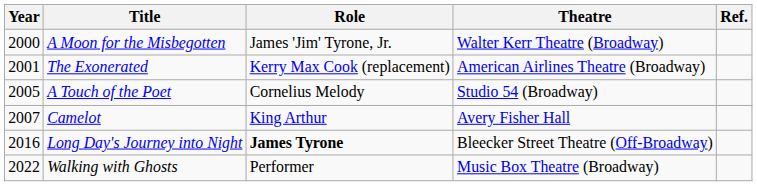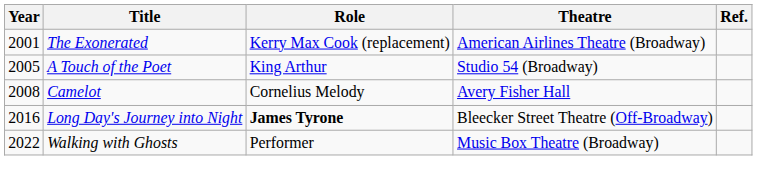 <table class="wikitable">
 <tr>
 <th scope="col">Year</th>
 <th scope="col">Title</th>
 <th scope="col">Role</th>
 <th scope="col">Theatre</th>
 <th scope="col">Ref.</th>
-</tr>
-<tr>
-<td>2000</td>
-<td><em><a href='#'>A Moon for the Misbegotten</a></em></td>
-<td>James 'Jim' Tyrone, Jr.</td>
-<td><a href='#'>Walter Kerr Theatre</a> (<a href='#'>Broadway</a>)</td>
-<td></td>
 </tr>
 <tr>
 <td>2001</td>
 <td><em><a href='#'>The Exonerated</a></em></td>
 <td><a href='#'>Kerry Max Cook</a> (replacement)</td>
 <td><a href='#'>American Airlines Theatre</a> (Broadway)</td>
 <td></td>
 </tr>
 <tr>
 <td>2005</td>
 <td><em><a href='#'>A Touch of the Poet</a></em></td>
-<td>Cornelius Melody</td>
+<td><a href='#'>King Arthur</a></td>
 <td><a href='#'>Studio 54</a> (Broadway)</td>
 <td></td>
 </tr>
 <tr>
-<td>2007</td>
+<td>2008</td>
 <td><em><a href='#'>Camelot</a></em></td>
-<td><a href='#'>King Arthur</a></td>
+<td>Cornelius Melody</td>
 <td><a href='#'>Avery Fisher Hall</a></td>
 <td></td>
 </tr>
 <tr>
 <td>2016</td>
 <td><em><a href='#'>Long Day's Journey into Night</a></em></td>
 <td><strong>James Tyrone</strong></td>
 <td>Bleecker Street Theatre (<a href='#'>Off-Broadway</a>)</td>
 <td></td>
 </tr>
 <tr>
 <td>2022</td>
 <td><em>Walking with Ghosts</em></td>
 <td>Performer</td>
 <td><a href='#'>Music Box Theatre</a> (Broadway)</td>
 <td></td>
 </tr>
 </table>
